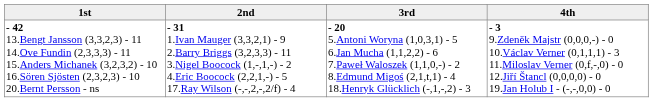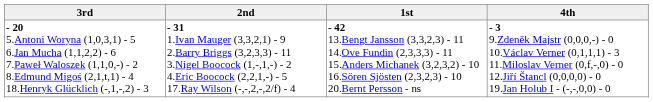 <table border=1 cellpadding=2 cellspacing=0 width=75% style="border-collapse:collapse">
 <tr align=center style="background:#efefef;">
+<th width=20% >3rd</th>
+<th width=20% >2nd</th>
 <th width=20% >1st</th>
-<th width=20% >2nd</th>
-<th width=20% >3rd</th>
 <th width=20%>4th</th>
 </tr>
 <tr align=left>
+<td valign=top ><strong> - 20</strong><br>5.<a href='#'>Antoni Woryna</a> (1,0,3,1) - 5<br>6.<a href='#'>Jan Mucha</a> (1,1,2,2) - 6<br>7.<a href='#'>Paweł Waloszek</a> (1,1,0,-) - 2<br>8.<a href='#'>Edmund Migoś</a> (2,1,t,1) - 4<br>18.<a href='#'>Henryk Glücklich</a> (-,1,-,2) - 3</td>
+<td valign=top ><strong> - 31</strong><br>1.<a href='#'>Ivan Mauger</a> (3,3,2,1) - 9<br>2.<a href='#'>Barry Briggs</a> (3,2,3,3) - 11<br>3.<a href='#'>Nigel Boocock</a> (1,-,1,-) - 2<br>4.<a href='#'>Eric Boocock</a> (2,2,1,-) - 5<br>17.<a href='#'>Ray Wilson</a> (-,-,2,-,2/f) - 4</td>
 <td valign=top ><strong> - 42</strong><br>13.<a href='#'>Bengt Jansson</a> (3,3,2,3) - 11<br>14.<a href='#'>Ove Fundin</a> (2,3,3,3) - 11<br>15.<a href='#'>Anders Michanek</a> (3,2,3,2) - 10<br>16.<a href='#'>Sören Sjösten</a> (2,3,2,3) - 10<br>20.<a href='#'>Bernt Persson</a> - ns</td>
-<td valign=top ><strong> - 31</strong><br>1.<a href='#'>Ivan Mauger</a> (3,3,2,1) - 9<br>2.<a href='#'>Barry Briggs</a> (3,2,3,3) - 11<br>3.<a href='#'>Nigel Boocock</a> (1,-,1,-) - 2<br>4.<a href='#'>Eric Boocock</a> (2,2,1,-) - 5<br>17.<a href='#'>Ray Wilson</a> (-,-,2,-,2/f) - 4</td>
-<td valign=top ><strong> - 20</strong><br>5.<a href='#'>Antoni Woryna</a> (1,0,3,1) - 5<br>6.<a href='#'>Jan Mucha</a> (1,1,2,2) - 6<br>7.<a href='#'>Paweł Waloszek</a> (1,1,0,-) - 2<br>8.<a href='#'>Edmund Migoś</a> (2,1,t,1) - 4<br>18.<a href='#'>Henryk Glücklich</a> (-,1,-,2) - 3</td>
 <td valign=top><strong> - 3</strong><br>9.<a href='#'>Zdeněk Majstr</a> (0,0,0,-) - 0<br>10.<a href='#'>Václav Verner</a> (0,1,1,1) - 3<br>11.<a href='#'>Miloslav Verner</a> (0,f,-,0) - 0<br>12.<a href='#'>Jiří Štancl</a> (0,0,0,0) - 0<br>19.<a href='#'>Jan Holub I</a> - (-,-,0,0) - 0</td>
 </tr>
 </table>
